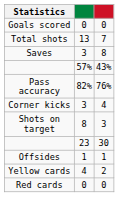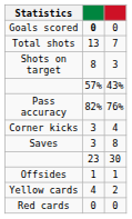 <table class="wikitable" style="text-align: center">
 <tr>
 <th width=100>Statistics</th>
 <th style="background: #00853F; color: #FFFFFF;"> <a href='#'></a></th>
 <th style="background: #ce1126; color: #FFFFFF;"> <a href='#'></a></th>
 </tr>
 <tr>
 <td>Goals scored</td>
-<td>0</td>
+<td><strong>0</strong></td>
 <td>0</td>
 </tr>
 <tr>
 <td>Total shots</td>
 <td>13</td>
 <td>7</td>
 </tr>
 <tr>
-<td>Saves</td>
+<td>Shots on target</td>
+<td>8</td>
 <td>3</td>
-<td>8</td>
 </tr>
 <tr>
 <td></td>
 <td>57%</td>
 <td>43%</td>
 </tr>
 <tr>
 <td>Pass accuracy</td>
 <td>82%</td>
 <td>76%</td>
 </tr>
 <tr>
 <td>Corner kicks</td>
 <td>3</td>
 <td>4</td>
 </tr>
 <tr>
-<td>Shots on target</td>
+<td>Saves</td>
+<td>3</td>
 <td>8</td>
-<td>3</td>
 </tr>
 <tr>
 <td></td>
 <td>23</td>
 <td>30</td>
 </tr>
 <tr>
 <td>Offsides</td>
 <td>1</td>
 <td>1</td>
 </tr>
 <tr>
 <td>Yellow cards</td>
 <td>4</td>
 <td>2</td>
 </tr>
 <tr>
 <td>Red cards</td>
 <td>0</td>
 <td>0</td>
 </tr>
 </table>
